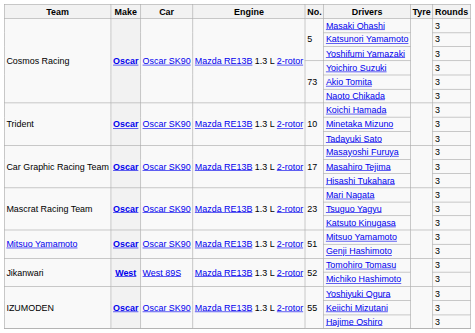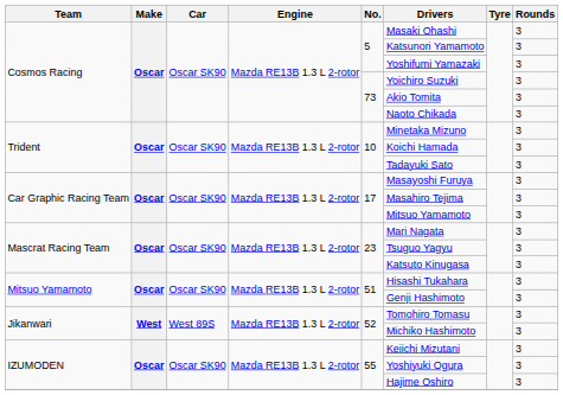 <table class="wikitable" style="font-size: 90%;">
 <tr>
 <th>Team</th>
 <th>Make</th>
 <th>Car</th>
 <th>Engine</th>
 <th>No.</th>
 <th>Drivers</th>
 <th>Tyre</th>
 <th>Rounds</th>
 </tr>
 <tr>
 <td rowspan=6>Cosmos Racing</td>
 <th rowspan=6><a href='#'>Oscar</a></th>
 <td rowspan=6><a href='#'>Oscar SK90</a></td>
 <td rowspan=6><a href='#'>Mazda RE13B</a> 1.3 L <a href='#'>2-rotor</a></td>
 <td rowspan=3>5</td>
 <td> <a href='#'>Masaki Ohashi</a></td>
 <td rowspan=6></td>
 <td>3</td>
 </tr>
 <tr>
 <td> <a href='#'>Katsunori Yamamoto</a></td>
 <td>3</td>
 </tr>
 <tr>
 <td> <a href='#'>Yoshifumi Yamazaki</a></td>
 <td>3</td>
 </tr>
 <tr>
 <td rowspan=3>73</td>
 <td> <a href='#'>Yoichiro Suzuki</a></td>
 <td>3</td>
 </tr>
 <tr>
 <td> <a href='#'>Akio Tomita</a></td>
 <td>3</td>
 </tr>
 <tr>
 <td> <a href='#'>Naoto Chikada</a></td>
 <td>3</td>
 </tr>
 <tr>
 <td rowspan=3>Trident</td>
 <th rowspan=3><a href='#'>Oscar</a></th>
 <td rowspan=3><a href='#'>Oscar SK90</a></td>
 <td rowspan=3><a href='#'>Mazda RE13B</a> 1.3 L <a href='#'>2-rotor</a></td>
 <td rowspan=3>10</td>
-<td> <a href='#'>Koichi Hamada</a></td>
+<td> <a href='#'>Minetaka Mizuno</a></td>
 <td rowspan=3></td>
 <td>3</td>
 </tr>
 <tr>
-<td> <a href='#'>Minetaka Mizuno</a></td>
+<td> <a href='#'>Koichi Hamada</a></td>
 <td>3</td>
 </tr>
 <tr>
 <td> <a href='#'>Tadayuki Sato</a></td>
 <td>3</td>
 </tr>
 <tr>
 <td rowspan=3>Car Graphic Racing Team</td>
 <th rowspan=3><a href='#'>Oscar</a></th>
 <td rowspan=3><a href='#'>Oscar SK90</a></td>
 <td rowspan=3><a href='#'>Mazda RE13B</a> 1.3 L <a href='#'>2-rotor</a></td>
 <td rowspan=3>17</td>
 <td> <a href='#'>Masayoshi Furuya</a></td>
 <td rowspan=3></td>
 <td>3</td>
 </tr>
 <tr>
 <td> <a href='#'>Masahiro Tejima</a></td>
 <td>3</td>
 </tr>
 <tr>
-<td> <a href='#'>Hisashi Tukahara</a></td>
+<td> <a href='#'>Mitsuo Yamamoto</a></td>
 <td>3</td>
 </tr>
 <tr>
 <td rowspan=3>Mascrat Racing Team</td>
 <th rowspan=3><a href='#'>Oscar</a></th>
 <td rowspan=3><a href='#'>Oscar SK90</a></td>
 <td rowspan=3><a href='#'>Mazda RE13B</a> 1.3 L <a href='#'>2-rotor</a></td>
 <td rowspan=3>23</td>
 <td> <a href='#'>Mari Nagata</a></td>
 <td rowspan=3></td>
 <td>3</td>
 </tr>
 <tr>
 <td> <a href='#'>Tsuguo Yagyu</a></td>
 <td>3</td>
 </tr>
 <tr>
 <td> <a href='#'>Katsuto Kinugasa</a></td>
 <td>3</td>
 </tr>
 <tr>
 <td rowspan=2><a href='#'>Mitsuo Yamamoto</a></td>
 <th rowspan=2><a href='#'>Oscar</a></th>
 <td rowspan=2><a href='#'>Oscar SK90</a></td>
 <td rowspan=2><a href='#'>Mazda RE13B</a> 1.3 L <a href='#'>2-rotor</a></td>
 <td rowspan=2>51</td>
-<td> <a href='#'>Mitsuo Yamamoto</a></td>
+<td> <a href='#'>Hisashi Tukahara</a></td>
 <td rowspan=2></td>
 <td>3</td>
 </tr>
 <tr>
 <td> <a href='#'>Genji Hashimoto</a></td>
 <td>3</td>
 </tr>
 <tr>
 <td rowspan=2>Jikanwari</td>
 <th rowspan=2><a href='#'>West</a></th>
 <td rowspan=2><a href='#'>West 89S</a></td>
 <td rowspan=2><a href='#'>Mazda RE13B</a> 1.3 L <a href='#'>2-rotor</a></td>
 <td rowspan=2>52</td>
 <td> <a href='#'>Tomohiro Tomasu</a></td>
 <td rowspan=2></td>
 <td>3</td>
 </tr>
 <tr>
 <td> <a href='#'>Michiko Hashimoto</a></td>
 <td>3</td>
 </tr>
 <tr>
 <td rowspan=3>IZUMODEN</td>
 <th rowspan=3><a href='#'>Oscar</a></th>
 <td rowspan=3><a href='#'>Oscar SK90</a></td>
 <td rowspan=3><a href='#'>Mazda RE13B</a> 1.3 L <a href='#'>2-rotor</a></td>
 <td rowspan=3>55</td>
-<td> <a href='#'>Yoshiyuki Ogura</a></td>
+<td> <a href='#'>Keiichi Mizutani</a></td>
 <td rowspan=3></td>
 <td>3</td>
 </tr>
 <tr>
-<td> <a href='#'>Keiichi Mizutani</a></td>
+<td> <a href='#'>Yoshiyuki Ogura</a></td>
 <td>3</td>
 </tr>
 <tr>
 <td> <a href='#'>Hajime Oshiro</a></td>
 <td>3</td>
 </tr>
 <tr>
 </tr>
 </table>
